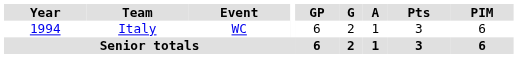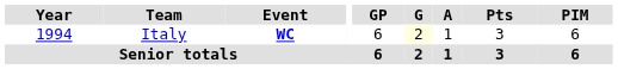 <table border="0" cellpadding="1" cellspacing="0" ID="Table3" style="text-align:center; width:40em">
 <tr bgcolor="#e0e0e0">
 <th>Year</th>
 <th>Team</th>
 <th>Event</th>
 <th rowspan="102" bgcolor="#ffffff"></th>
 <th>GP</th>
 <th>G</th>
 <th>A</th>
 <th>Pts</th>
 <th>PIM</th>
 </tr>
 <tr>
 <td><a href='#'>1994</a></td>
 <td><a href='#'>Italy</a></td>
-<td><a href='#'>WC</a></td>
+<td><strong><a href='#'>WC</a></strong></td>
 <td>6</td>
-<td>2</td>
+<td style="background: lightyellow;">2</td>
 <td>1</td>
 <td>3</td>
 <td>6</td>
 </tr>
 <tr bgcolor="#e0e0e0">
 <th colspan="4">Senior totals</th>
 <th>6</th>
 <th>2</th>
 <th>1</th>
 <th>3</th>
 <th>6</th>
 </tr>
 </table>
